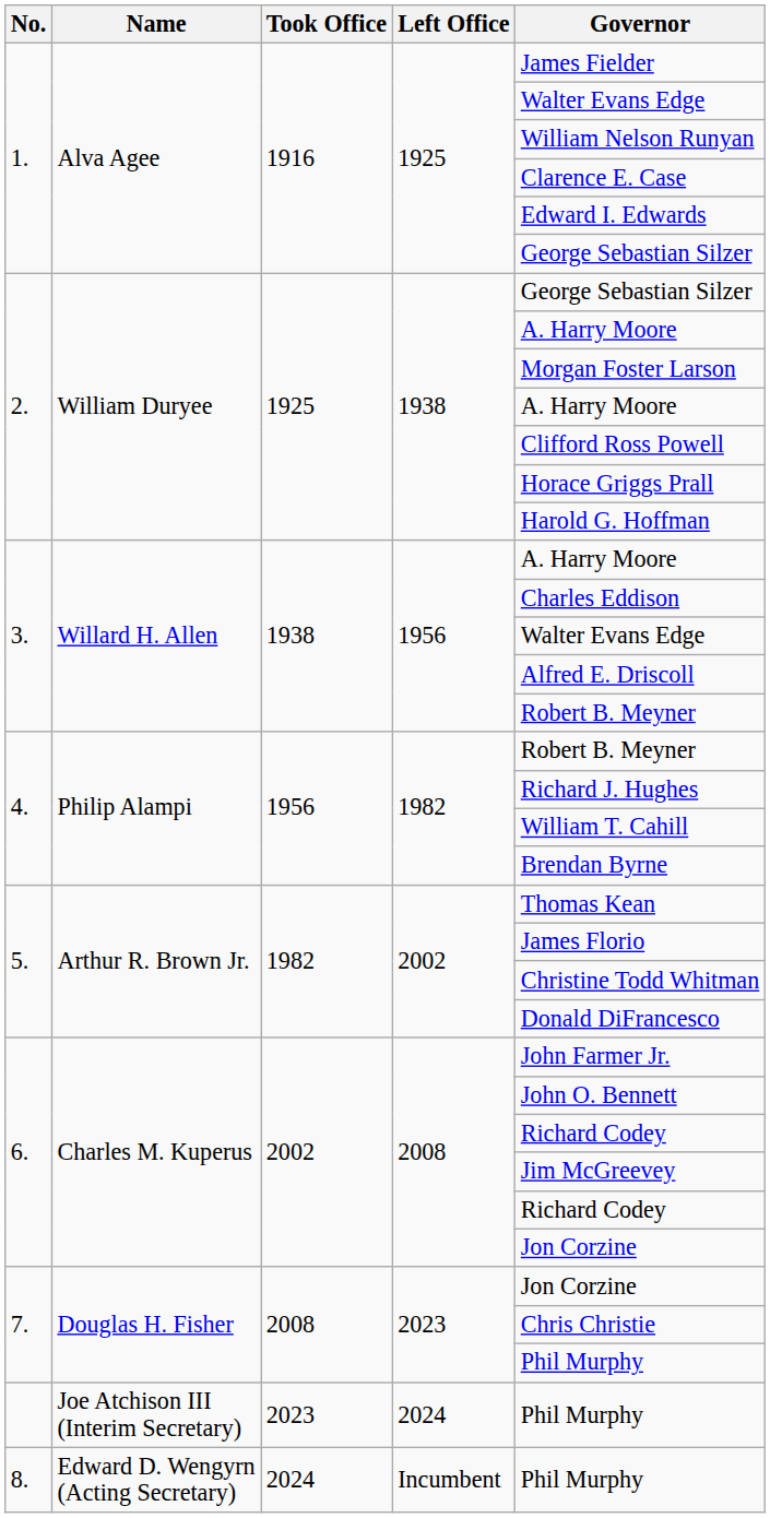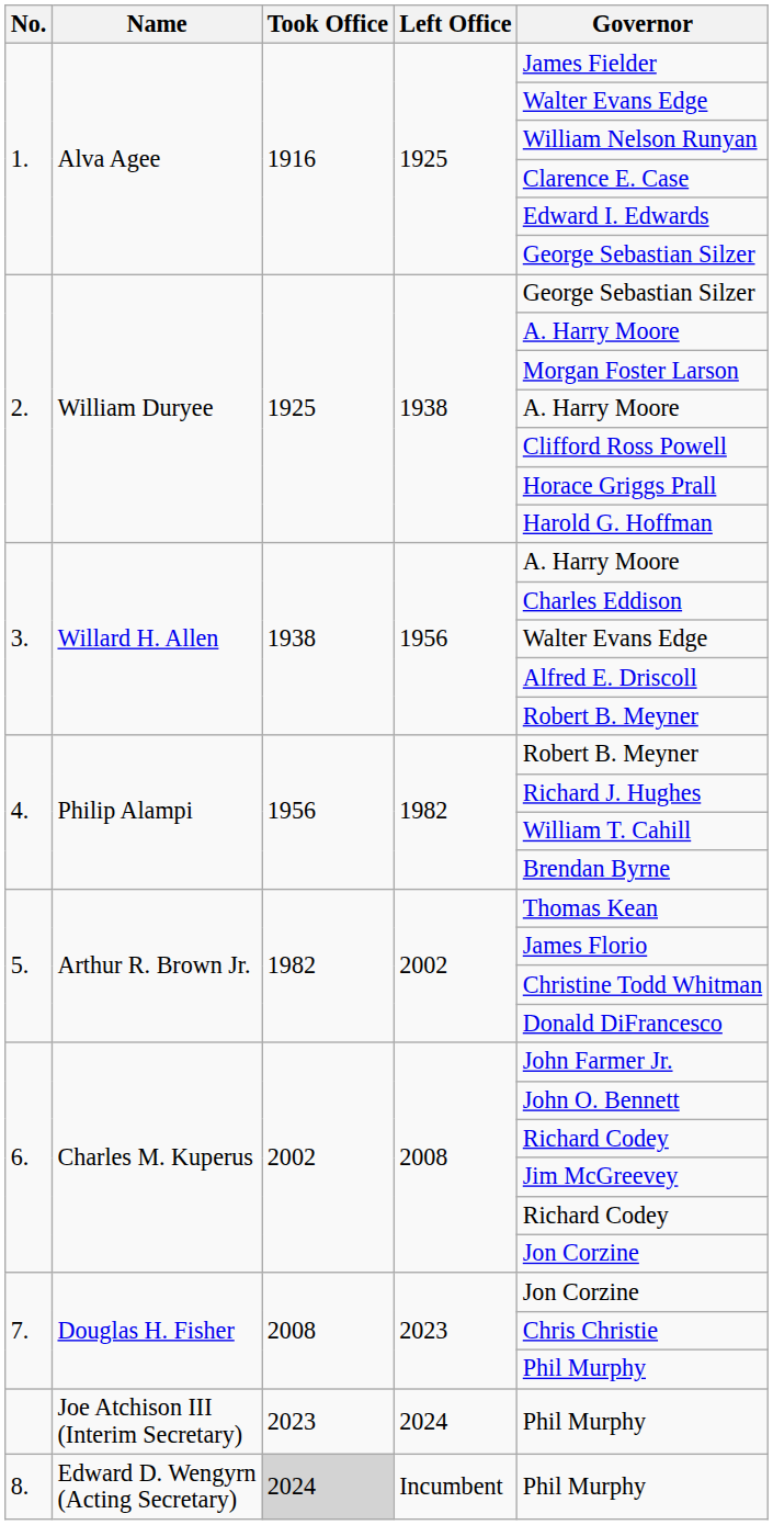 <table class="wikitable">
 <tr>
 <th>No.</th>
 <th>Name</th>
 <th>Took Office</th>
 <th>Left Office</th>
 <th>Governor</th>
 </tr>
 <tr>
 <td rowspan="6">1.</td>
 <td rowspan="6">Alva Agee</td>
 <td rowspan="6">1916</td>
 <td rowspan="6">1925</td>
 <td> <a href='#'>James Fielder</a></td>
 </tr>
 <tr>
 <td> <a href='#'>Walter Evans Edge</a></td>
 </tr>
 <tr>
 <td> <a href='#'>William Nelson Runyan</a></td>
 </tr>
 <tr>
 <td> <a href='#'>Clarence E. Case</a></td>
 </tr>
 <tr>
 <td> <a href='#'>Edward I. Edwards</a></td>
 </tr>
 <tr>
 <td> <a href='#'>George Sebastian Silzer</a></td>
 </tr>
 <tr>
 <td rowspan="7">2.</td>
 <td rowspan="7">William Duryee</td>
 <td rowspan="7">1925</td>
 <td rowspan="7">1938</td>
 <td> George Sebastian Silzer</td>
 </tr>
 <tr>
 <td> <a href='#'>A. Harry Moore</a></td>
 </tr>
 <tr>
 <td> <a href='#'>Morgan Foster Larson</a></td>
 </tr>
 <tr>
 <td> A. Harry Moore</td>
 </tr>
 <tr>
 <td> <a href='#'>Clifford Ross Powell</a></td>
 </tr>
 <tr>
 <td> <a href='#'>Horace Griggs Prall</a></td>
 </tr>
 <tr>
 <td> <a href='#'>Harold G. Hoffman</a></td>
 </tr>
 <tr>
 <td rowspan="5">3.</td>
 <td rowspan="5"><a href='#'>Willard H. Allen</a></td>
 <td rowspan="5">1938</td>
 <td rowspan="5">1956</td>
 <td> A. Harry Moore</td>
 </tr>
 <tr>
 <td> <a href='#'>Charles Eddison</a></td>
 </tr>
 <tr>
 <td> Walter Evans Edge</td>
 </tr>
 <tr>
 <td> <a href='#'>Alfred E. Driscoll</a></td>
 </tr>
 <tr>
 <td> <a href='#'>Robert B. Meyner</a></td>
 </tr>
 <tr>
 <td rowspan="4">4.</td>
 <td rowspan="4">Philip Alampi</td>
 <td rowspan="4">1956</td>
 <td rowspan="4">1982</td>
 <td> Robert B. Meyner</td>
 </tr>
 <tr>
 <td> <a href='#'>Richard J. Hughes</a></td>
 </tr>
 <tr>
 <td> <a href='#'>William T. Cahill</a></td>
 </tr>
 <tr>
 <td> <a href='#'>Brendan Byrne</a></td>
 </tr>
 <tr>
 <td rowspan="4">5.</td>
 <td rowspan="4">Arthur R. Brown Jr.</td>
 <td rowspan="4">1982</td>
 <td rowspan="4">2002</td>
 <td> <a href='#'>Thomas Kean</a></td>
 </tr>
 <tr>
 <td> <a href='#'>James Florio</a></td>
 </tr>
 <tr>
 <td> <a href='#'>Christine Todd Whitman</a></td>
 </tr>
 <tr>
 <td> <a href='#'>Donald DiFrancesco</a></td>
 </tr>
 <tr>
 <td rowspan="6">6.</td>
 <td rowspan="6">Charles M. Kuperus</td>
 <td rowspan="6">2002</td>
 <td rowspan="6">2008</td>
 <td> <a href='#'>John Farmer Jr.</a></td>
 </tr>
 <tr>
 <td> <a href='#'>John O. Bennett</a></td>
 </tr>
 <tr>
 <td> <a href='#'>Richard Codey</a></td>
 </tr>
 <tr>
 <td> <a href='#'>Jim McGreevey</a></td>
 </tr>
 <tr>
 <td> Richard Codey</td>
 </tr>
 <tr>
 <td> <a href='#'>Jon Corzine</a></td>
 </tr>
 <tr>
 <td rowspan="3">7.</td>
 <td rowspan="3"><a href='#'>Douglas H. Fisher</a></td>
 <td rowspan="3">2008</td>
 <td rowspan="3">2023</td>
 <td> Jon Corzine</td>
 </tr>
 <tr>
 <td> <a href='#'>Chris Christie</a></td>
 </tr>
 <tr>
 <td> <a href='#'>Phil Murphy</a></td>
 </tr>
 <tr>
 <td></td>
 <td>Joe Atchison III<br>(Interim Secretary)</td>
 <td>2023</td>
 <td>2024</td>
 <td> Phil Murphy</td>
 </tr>
 <tr>
 <td>8.</td>
 <td>Edward D. Wengyrn<br>(Acting Secretary)</td>
-<td>2024</td>
+<td style="background: lightgrey;">2024</td>
 <td>Incumbent</td>
 <td> Phil Murphy</td>
 </tr>
 </table>
